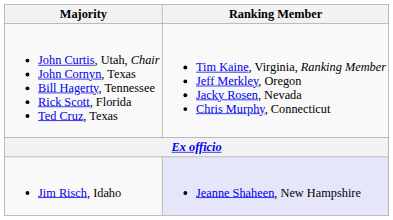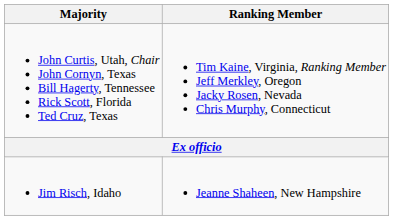 <table class=wikitable>
 <tr>
 <th>Majority</th>
 <th>Ranking Member</th>
 </tr>
 <tr>
 <td><br><ul><li><a href='#'>John Curtis</a>, Utah, <em>Chair</em></li><li><a href='#'>John Cornyn</a>, Texas</li><li><a href='#'>Bill Hagerty</a>, Tennessee</li><li><a href='#'>Rick Scott</a>, Florida</li><li><a href='#'>Ted Cruz</a>, Texas</li></ul></td>
 <td><br><ul><li><a href='#'>Tim Kaine</a>, Virginia, <em>Ranking Member</em></li><li><a href='#'>Jeff Merkley</a>, Oregon</li><li><a href='#'>Jacky Rosen</a>, Nevada</li><li><a href='#'>Chris Murphy</a>, Connecticut</li></ul></td>
 </tr>
 <tr>
 <th colspan=2><em><a href='#'>Ex officio</a></em></th>
 </tr>
 <tr>
 <td><br><ul><li><a href='#'>Jim Risch</a>, Idaho</li></ul></td>
-<td style="background: lavender;"><br><ul><li><a href='#'>Jeanne Shaheen</a>, New Hampshire</li></ul></td>
+<td><br><ul><li><a href='#'>Jeanne Shaheen</a>, New Hampshire</li></ul></td>
 </tr>
 </table>
